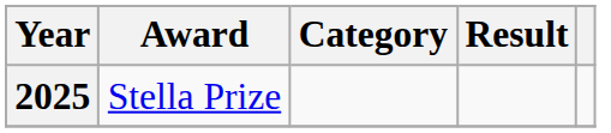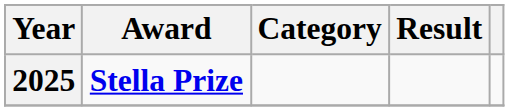 <table class="wikitable sortable">
 <tr>
 <th>Year</th>
 <th>Award</th>
 <th>Category</th>
 <th>Result</th>
 <th></th>
 </tr>
 <tr>
 <th rowspan="1">2025</th>
-<td><a href='#'>Stella Prize</a></td>
+<td><strong><a href='#'>Stella Prize</a></strong></td>
 <td></td>
 <td></td>
 <td></td>
 </tr>
 <tr>
 </tr>
 </table>
